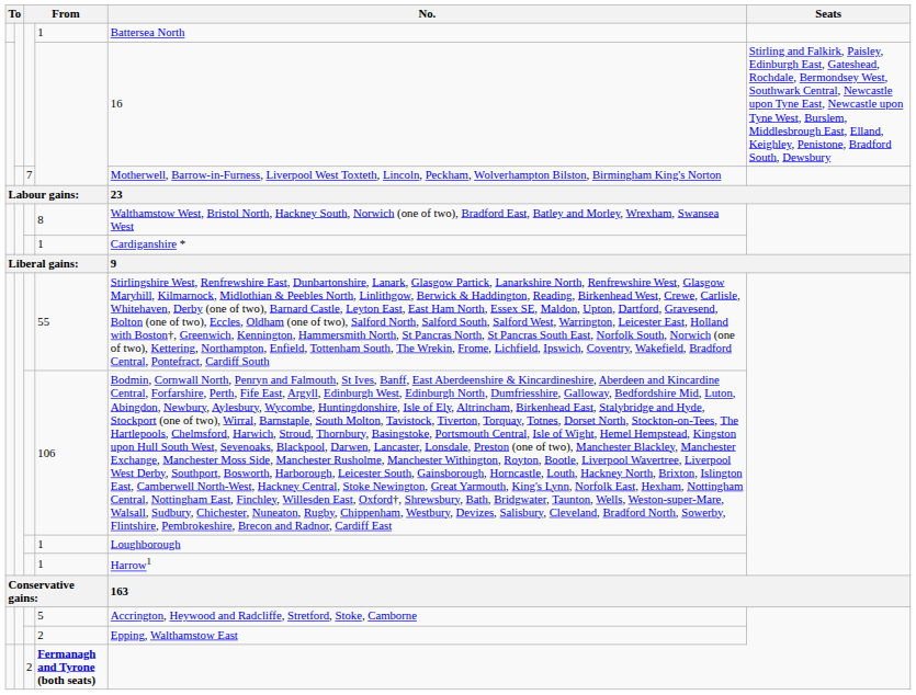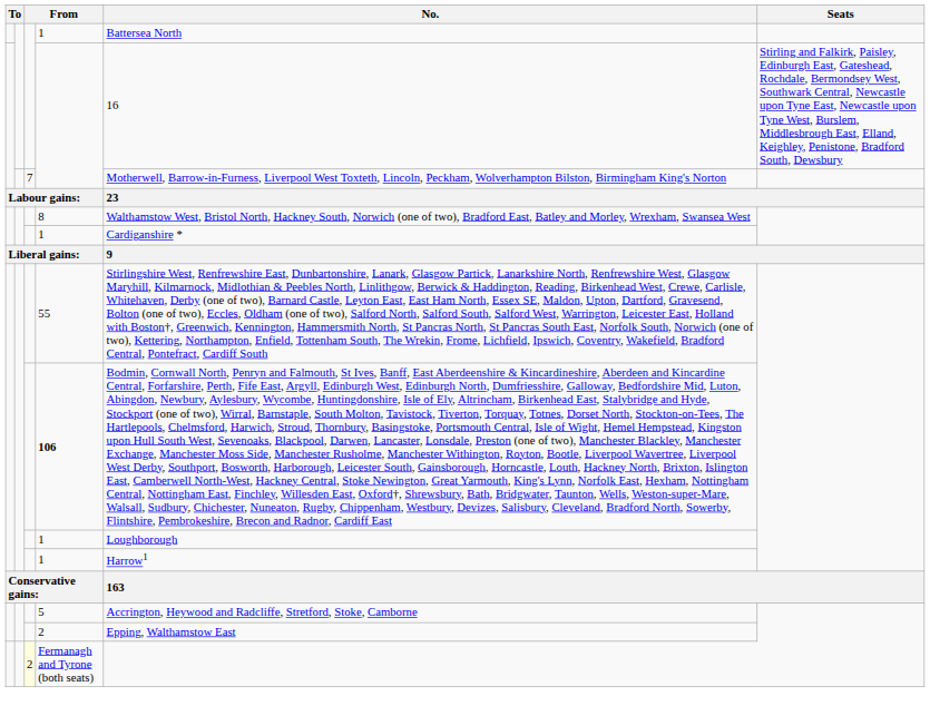 <table class="wikitable sortable" style="margin:1em">
 <tr>
 <th colspan=2>To</th>
 <th colspan=2>From</th>
 <th>No.</th>
 <th class=unsortable>Seats</th>
 </tr>
 <tr>
 <td></td>
 <td rowspan="2" style="color:inherit;background:"></td>
 <td rowspan="2"></td>
 <td>1</td>
 <td><a href='#'>Battersea North</a></td>
 </tr>
 <tr>
 <td rowspan="2" style="color:inherit;background:"></td>
 <td rowspan="2"></td>
 <td>16</td>
 <td><a href='#'>Stirling and Falkirk</a>, <a href='#'>Paisley</a>, <a href='#'>Edinburgh East</a>, <a href='#'>Gateshead</a>, <a href='#'>Rochdale</a>, <a href='#'>Bermondsey West</a>, <a href='#'>Southwark Central</a>, <a href='#'>Newcastle upon Tyne East</a>, <a href='#'>Newcastle upon Tyne West</a>, <a href='#'>Burslem</a>, <a href='#'>Middlesbrough East</a>, <a href='#'>Elland</a>, <a href='#'>Keighley</a>, <a href='#'>Penistone</a>, <a href='#'>Bradford South</a>, <a href='#'>Dewsbury</a></td>
 </tr>
 <tr>
 <td></td>
 <td>7</td>
 <td><a href='#'>Motherwell</a>, <a href='#'>Barrow-in-Furness</a>, <a href='#'>Liverpool West Toxteth</a>, <a href='#'>Lincoln</a>, <a href='#'>Peckham</a>, <a href='#'>Wolverhampton Bilston</a>, <a href='#'>Birmingham King's Norton</a></td>
 </tr>
 <tr class="sortbottom">
 <th style="text-align:left" colspan="4">Labour gains:</th>
 <th style="text-align:left" colspan="2">23</th>
 </tr>
 <tr>
 <td rowspan="2" style="color:inherit;background:"></td>
 <td rowspan="2"></td>
 <td></td>
 <td>8</td>
 <td><a href='#'>Walthamstow West</a>, <a href='#'>Bristol North</a>, <a href='#'>Hackney South</a>, <a href='#'>Norwich</a> (one of two), <a href='#'>Bradford East</a>, <a href='#'>Batley and Morley</a>, <a href='#'>Wrexham</a>, <a href='#'>Swansea West</a></td>
 </tr>
 <tr>
 <td></td>
 <td>1</td>
 <td><a href='#'>Cardiganshire</a> *</td>
 </tr>
 <tr class="sortbottom">
 <th style="text-align:left" colspan="4">Liberal gains:</th>
 <th style="text-align:left" colspan="2">9</th>
 </tr>
 <tr>
 <td rowspan="4" style="color:inherit;background:"></td>
 <td rowspan="4"></td>
 <td></td>
 <td>55</td>
 <td><a href='#'>Stirlingshire West</a>, <a href='#'>Renfrewshire East</a>, <a href='#'>Dunbartonshire</a>, <a href='#'>Lanark</a>, <a href='#'>Glasgow Partick</a>, <a href='#'>Lanarkshire North</a>, <a href='#'>Renfrewshire West</a>, <a href='#'>Glasgow Maryhill</a>, <a href='#'>Kilmarnock</a>, <a href='#'>Midlothian & Peebles North</a>, <a href='#'>Linlithgow</a>, <a href='#'>Berwick & Haddington</a>, <a href='#'>Reading</a>, <a href='#'>Birkenhead West</a>, <a href='#'>Crewe</a>, <a href='#'>Carlisle</a>, <a href='#'>Whitehaven</a>, <a href='#'>Derby</a> (one of two), <a href='#'>Barnard Castle</a>, <a href='#'>Leyton East</a>, <a href='#'>East Ham North</a>, <a href='#'>Essex SE</a>, <a href='#'>Maldon</a>, <a href='#'>Upton</a>, <a href='#'>Dartford</a>, <a href='#'>Gravesend</a>, <a href='#'>Bolton</a> (one of two), <a href='#'>Eccles</a>, <a href='#'>Oldham</a> (one of two), <a href='#'>Salford North</a>, <a href='#'>Salford South</a>, <a href='#'>Salford West</a>, <a href='#'>Warrington</a>, <a href='#'>Leicester East</a>, <a href='#'>Holland with Boston</a>†, <a href='#'>Greenwich</a>, <a href='#'>Kennington</a>, <a href='#'>Hammersmith North</a>, <a href='#'>St Pancras North</a>, <a href='#'>St Pancras South East</a>, <a href='#'>Norfolk South</a>, <a href='#'>Norwich</a> (one of two), <a href='#'>Kettering</a>, <a href='#'>Northampton</a>, <a href='#'>Enfield</a>, <a href='#'>Tottenham South</a>, <a href='#'>The Wrekin</a>, <a href='#'>Frome</a>, <a href='#'>Lichfield</a>, <a href='#'>Ipswich</a>, <a href='#'>Coventry</a>, <a href='#'>Wakefield</a>, <a href='#'>Bradford Central</a>, <a href='#'>Pontefract</a>, <a href='#'>Cardiff South</a></td>
 </tr>
 <tr>
 <td></td>
-<td>106</td>
+<td><strong>106</strong></td>
 <td><a href='#'>Bodmin</a>, <a href='#'>Cornwall North</a>, <a href='#'>Penryn and Falmouth</a>, <a href='#'>St Ives</a>, <a href='#'>Banff</a>, <a href='#'>East Aberdeenshire & Kincardineshire</a>, <a href='#'>Aberdeen and Kincardine Central</a>, <a href='#'>Forfarshire</a>, <a href='#'>Perth</a>, <a href='#'>Fife East</a>, <a href='#'>Argyll</a>, <a href='#'>Edinburgh West</a>, <a href='#'>Edinburgh North</a>, <a href='#'>Dumfriesshire</a>, <a href='#'>Galloway</a>, <a href='#'>Bedfordshire Mid</a>, <a href='#'>Luton</a>, <a href='#'>Abingdon</a>, <a href='#'>Newbury</a>, <a href='#'>Aylesbury</a>, <a href='#'>Wycombe</a>, <a href='#'>Huntingdonshire</a>, <a href='#'>Isle of Ely</a>, <a href='#'>Altrincham</a>, <a href='#'>Birkenhead East</a>, <a href='#'>Stalybridge and Hyde</a>, <a href='#'>Stockport</a> (one of two), <a href='#'>Wirral</a>, <a href='#'>Barnstaple</a>, <a href='#'>South Molton</a>, <a href='#'>Tavistock</a>, <a href='#'>Tiverton</a>, <a href='#'>Torquay</a>, <a href='#'>Totnes</a>, <a href='#'>Dorset North</a>, <a href='#'>Stockton-on-Tees</a>, <a href='#'>The Hartlepools</a>, <a href='#'>Chelmsford</a>, <a href='#'>Harwich</a>, <a href='#'>Stroud</a>, <a href='#'>Thornbury</a>, <a href='#'>Basingstoke</a>, <a href='#'>Portsmouth Central</a>, <a href='#'>Isle of Wight</a>, <a href='#'>Hemel Hempstead</a>, <a href='#'>Kingston upon Hull South West</a>, <a href='#'>Sevenoaks</a>, <a href='#'>Blackpool</a>, <a href='#'>Darwen</a>, <a href='#'>Lancaster</a>, <a href='#'>Lonsdale</a>, <a href='#'>Preston</a> (one of two), <a href='#'>Manchester Blackley</a>, <a href='#'>Manchester Exchange</a>, <a href='#'>Manchester Moss Side</a>, <a href='#'>Manchester Rusholme</a>, <a href='#'>Manchester Withington</a>, <a href='#'>Royton</a>, <a href='#'>Bootle</a>, <a href='#'>Liverpool Wavertree</a>, <a href='#'>Liverpool West Derby</a>, <a href='#'>Southport</a>, <a href='#'>Bosworth</a>, <a href='#'>Harborough</a>, <a href='#'>Leicester South</a>, <a href='#'>Gainsborough</a>, <a href='#'>Horncastle</a>, <a href='#'>Louth</a>, <a href='#'>Hackney North</a>, <a href='#'>Brixton</a>, <a href='#'>Islington East</a>, <a href='#'>Camberwell North-West</a>, <a href='#'>Hackney Central</a>, <a href='#'>Stoke Newington</a>, <a href='#'>Great Yarmouth</a>, <a href='#'>King's Lynn</a>, <a href='#'>Norfolk East</a>, <a href='#'>Hexham</a>, <a href='#'>Nottingham Central</a>, <a href='#'>Nottingham East</a>, <a href='#'>Finchley</a>, <a href='#'>Willesden East</a>, <a href='#'>Oxford</a>†, <a href='#'>Shrewsbury</a>, <a href='#'>Bath</a>, <a href='#'>Bridgwater</a>, <a href='#'>Taunton</a>, <a href='#'>Wells</a>, <a href='#'>Weston-super-Mare</a>, <a href='#'>Walsall</a>, <a href='#'>Sudbury</a>, <a href='#'>Chichester</a>, <a href='#'>Nuneaton</a>, <a href='#'>Rugby</a>, <a href='#'>Chippenham</a>, <a href='#'>Westbury</a>, <a href='#'>Devizes</a>, <a href='#'>Salisbury</a>, <a href='#'>Cleveland</a>, <a href='#'>Bradford North</a>, <a href='#'>Sowerby</a>, <a href='#'>Flintshire</a>, <a href='#'>Pembrokeshire</a>, <a href='#'>Brecon and Radnor</a>, <a href='#'>Cardiff East</a></td>
 </tr>
 <tr>
 <td></td>
 <td>1</td>
 <td><a href='#'>Loughborough</a></td>
 </tr>
 <tr>
 <td></td>
 <td>1</td>
 <td><a href='#'>Harrow</a><sup>1</sup></td>
 </tr>
 <tr class="sortbottom">
 <th style="text-align:left" colspan="4">Conservative gains:</th>
 <th style="text-align:left" colspan="2">163</th>
 </tr>
 <tr>
 <td rowspan=2 style="color:inherit;background:"></td>
 <td rowspan="2"></td>
 <td></td>
 <td>5</td>
 <td><a href='#'>Accrington</a>, <a href='#'>Heywood and Radcliffe</a>, <a href='#'>Stretford</a>, <a href='#'>Stoke</a>, <a href='#'>Camborne</a></td>
 </tr>
 <tr>
 <td></td>
 <td>2</td>
 <td><a href='#'>Epping</a>, <a href='#'>Walthamstow East</a></td>
 </tr>
 <tr>
 <td></td>
 <td></td>
-<td>2</td>
-<td><strong><a href='#'>Fermanagh and Tyrone</a> (both seats)</strong></td>
+<td style="background: lightyellow;">2</td>
+<td><a href='#'>Fermanagh and Tyrone</a> (both seats)</td>
 </tr>
 </table>
